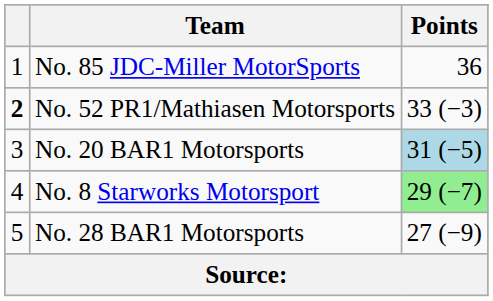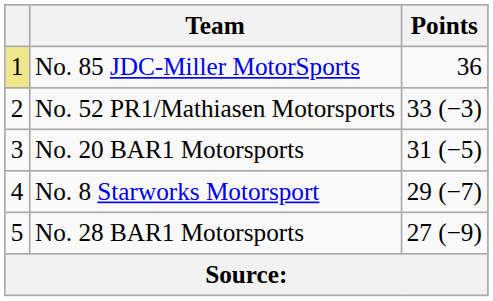 <table class="wikitable" style="font-size: 95%;">
 <tr>
 <th scope="col"></th>
 <th scope="col">Team</th>
 <th scope="col">Points</th>
 </tr>
 <tr>
-<td align=center>1</td>
+<td align=center style="background: khaki;">1</td>
 <td> No. 85 <a href='#'>JDC-Miller MotorSports</a></td>
 <td align=right>36</td>
 </tr>
 <tr>
-<td align=center><strong>2</strong></td>
+<td align=center>2</td>
 <td> No. 52 PR1/Mathiasen Motorsports</td>
 <td align=right>33 (−3)</td>
 </tr>
 <tr>
 <td align=center>3</td>
 <td> No. 20 BAR1 Motorsports</td>
-<td align=right style="background: lightblue;">31 (−5)</td>
+<td align=right>31 (−5)</td>
 </tr>
 <tr>
 <td align=center>4</td>
 <td> No. 8 <a href='#'>Starworks Motorsport</a></td>
-<td align=right style="background: lightgreen;">29 (−7)</td>
+<td align=right>29 (−7)</td>
 </tr>
 <tr>
 <td align=center>5</td>
 <td> No. 28 BAR1 Motorsports</td>
 <td align=right>27 (−9)</td>
 </tr>
 <tr>
 <th colspan=4>Source:</th>
 </tr>
 </table>
